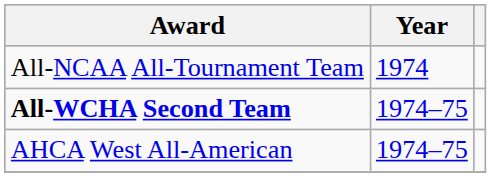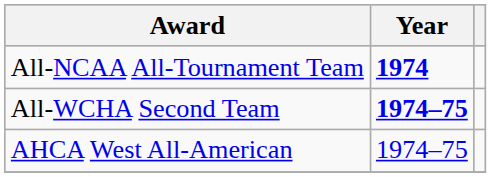 <table class="wikitable">
 <tr>
 <th>Award</th>
 <th>Year</th>
 <th></th>
 </tr>
 <tr>
 <td>All-<a href='#'>NCAA</a> <a href='#'>All-Tournament Team</a></td>
-<td><a href='#'>1974</a></td>
+<td><strong><a href='#'>1974</a></strong></td>
 <td></td>
 </tr>
 <tr>
-<td><strong>All-<a href='#'>WCHA</a> <a href='#'>Second Team</a></strong></td>
-<td><a href='#'>1974–75</a></td>
+<td>All-<a href='#'>WCHA</a> <a href='#'>Second Team</a></td>
+<td><strong><a href='#'>1974–75</a></strong></td>
 <td></td>
 </tr>
 <tr>
 <td><a href='#'>AHCA</a> <a href='#'>West All-American</a></td>
 <td><a href='#'>1974–75</a></td>
 <td></td>
 </tr>
 <tr>
 </tr>
 </table>
